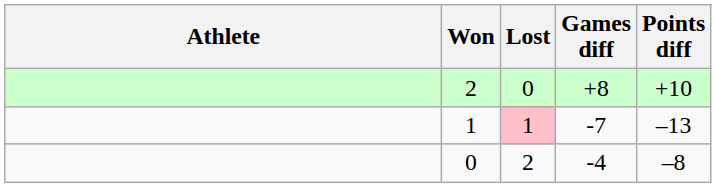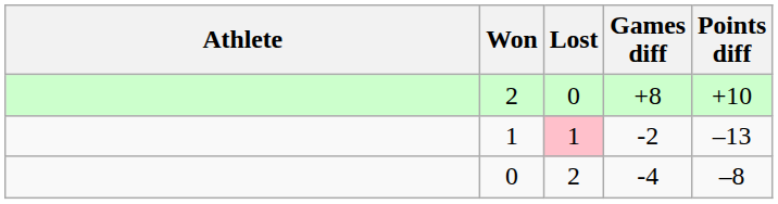 <table class="wikitable">
 <tr>
 <th style="width:18em">Athlete</th>
 <th>Won</th>
 <th>Lost</th>
 <th>Games<br>diff</th>
 <th>Points<br>diff</th>
 </tr>
 <tr bgcolor="#ccffcc">
 <td></td>
 <td align="center">2</td>
 <td align="center">0</td>
 <td align="center">+8</td>
 <td align="center">+10</td>
 </tr>
 <tr>
 <td></td>
 <td align="center">1</td>
 <td align="center" style="background: pink;">1</td>
-<td align="center">-7</td>
+<td align="center">-2</td>
 <td align="center">–13</td>
 </tr>
 <tr>
 <td></td>
 <td align="center">0</td>
 <td align="center">2</td>
 <td align="center">-4</td>
 <td align="center">–8</td>
 </tr>
 </table>
